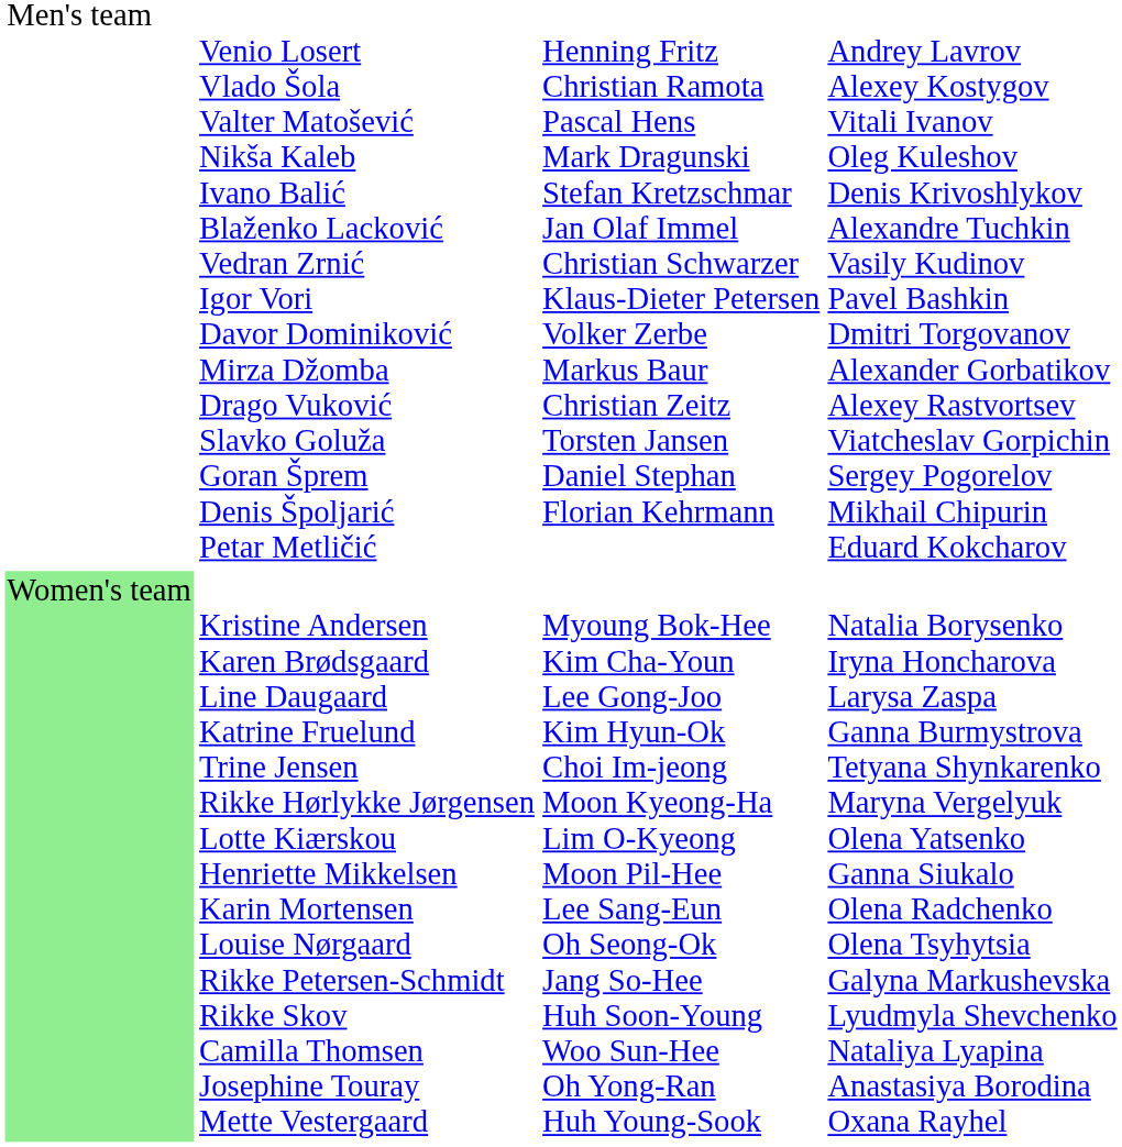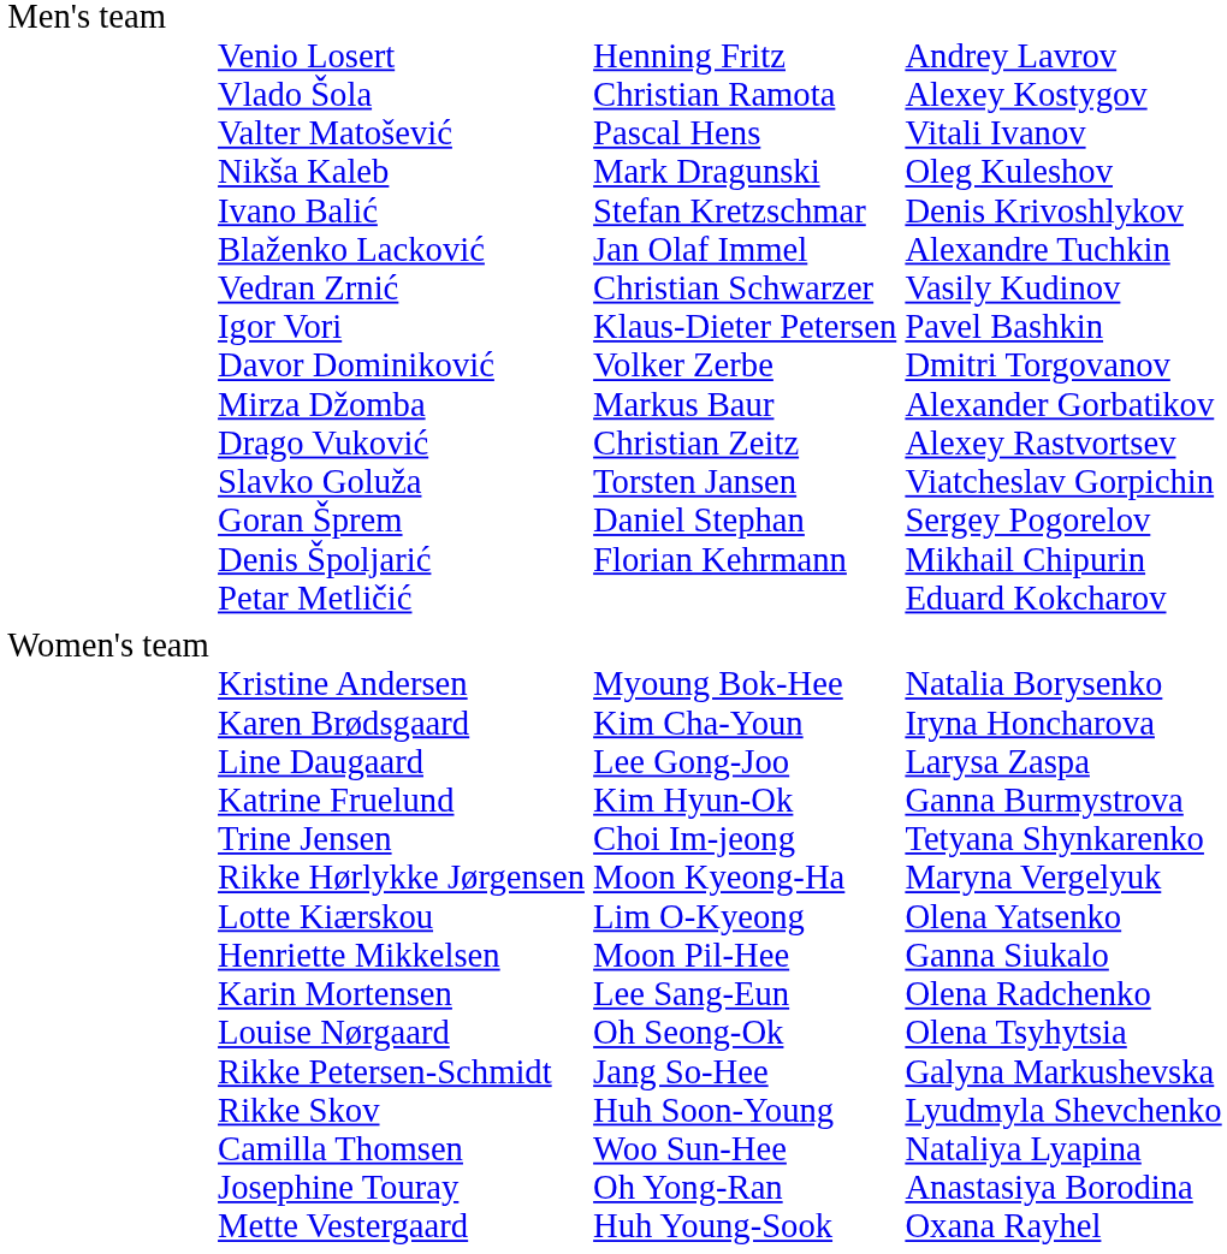 <table>
 <tr valign="top">
 <td>Men's team<br></td>
 <td><br><a href='#'>Venio Losert</a><br><a href='#'>Vlado Šola</a><br><a href='#'>Valter Matošević</a><br><a href='#'>Nikša Kaleb</a><br><a href='#'>Ivano Balić</a><br><a href='#'>Blaženko Lacković</a><br><a href='#'>Vedran Zrnić</a><br><a href='#'>Igor Vori</a><br><a href='#'>Davor Dominiković</a><br><a href='#'>Mirza Džomba</a><br><a href='#'>Drago Vuković</a><br><a href='#'>Slavko Goluža</a><br><a href='#'>Goran Šprem</a><br><a href='#'>Denis Špoljarić</a><br><a href='#'>Petar Metličić</a></td>
 <td><br><a href='#'>Henning Fritz</a><br><a href='#'>Christian Ramota</a><br><a href='#'>Pascal Hens</a><br><a href='#'>Mark Dragunski</a><br><a href='#'>Stefan Kretzschmar</a><br><a href='#'>Jan Olaf Immel</a><br><a href='#'>Christian Schwarzer</a><br><a href='#'>Klaus-Dieter Petersen</a><br><a href='#'>Volker Zerbe</a><br><a href='#'>Markus Baur</a><br><a href='#'>Christian Zeitz</a><br><a href='#'>Torsten Jansen</a><br><a href='#'>Daniel Stephan</a><br><a href='#'>Florian Kehrmann</a></td>
 <td><br><a href='#'>Andrey Lavrov</a><br><a href='#'>Alexey Kostygov</a><br><a href='#'>Vitali Ivanov</a><br><a href='#'>Oleg Kuleshov</a><br><a href='#'>Denis Krivoshlykov</a><br><a href='#'>Alexandre Tuchkin</a><br><a href='#'>Vasily Kudinov</a><br><a href='#'>Pavel Bashkin</a><br><a href='#'>Dmitri Torgovanov</a><br><a href='#'>Alexander Gorbatikov</a><br><a href='#'>Alexey Rastvortsev</a><br><a href='#'>Viatcheslav Gorpichin</a><br><a href='#'>Sergey Pogorelov</a><br><a href='#'>Mikhail Chipurin</a><br><a href='#'>Eduard Kokcharov</a></td>
 </tr>
 <tr valign="top">
-<td style="background: lightgreen;">Women's team<br></td>
+<td>Women's team<br></td>
 <td><br><a href='#'>Kristine Andersen</a><br><a href='#'>Karen Brødsgaard</a><br><a href='#'>Line Daugaard</a><br><a href='#'>Katrine Fruelund</a><br><a href='#'>Trine Jensen</a><br><a href='#'>Rikke Hørlykke Jørgensen</a><br><a href='#'>Lotte Kiærskou</a><br><a href='#'>Henriette Mikkelsen</a><br><a href='#'>Karin Mortensen</a><br><a href='#'>Louise Nørgaard</a><br><a href='#'>Rikke Petersen-Schmidt</a><br><a href='#'>Rikke Skov</a><br><a href='#'>Camilla Thomsen</a><br><a href='#'>Josephine Touray</a><br><a href='#'>Mette Vestergaard</a></td>
 <td><br><a href='#'>Myoung Bok-Hee</a><br><a href='#'>Kim Cha-Youn</a><br><a href='#'>Lee Gong-Joo</a><br><a href='#'>Kim Hyun-Ok</a><br><a href='#'>Choi Im-jeong</a><br><a href='#'>Moon Kyeong-Ha</a><br><a href='#'>Lim O-Kyeong</a><br><a href='#'>Moon Pil-Hee</a><br><a href='#'>Lee Sang-Eun</a><br><a href='#'>Oh Seong-Ok</a><br><a href='#'>Jang So-Hee</a><br><a href='#'>Huh Soon-Young</a><br><a href='#'>Woo Sun-Hee</a><br><a href='#'>Oh Yong-Ran</a><br><a href='#'>Huh Young-Sook</a></td>
 <td><br><a href='#'>Natalia Borysenko</a><br><a href='#'>Iryna Honcharova</a><br><a href='#'>Larysa Zaspa</a><br><a href='#'>Ganna Burmystrova</a><br><a href='#'>Tetyana Shynkarenko</a><br><a href='#'>Maryna Vergelyuk</a><br><a href='#'>Olena Yatsenko</a><br><a href='#'>Ganna Siukalo</a><br><a href='#'>Olena Radchenko</a><br><a href='#'>Olena Tsyhytsia</a><br><a href='#'>Galyna Markushevska</a><br><a href='#'>Lyudmyla Shevchenko</a><br><a href='#'>Nataliya Lyapina</a><br><a href='#'>Anastasiya Borodina</a><br><a href='#'>Oxana Rayhel</a></td>
 </tr>
 </table>
